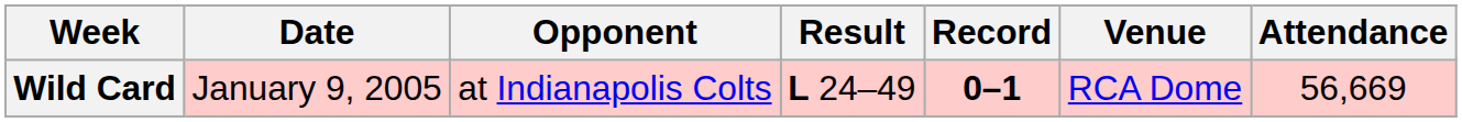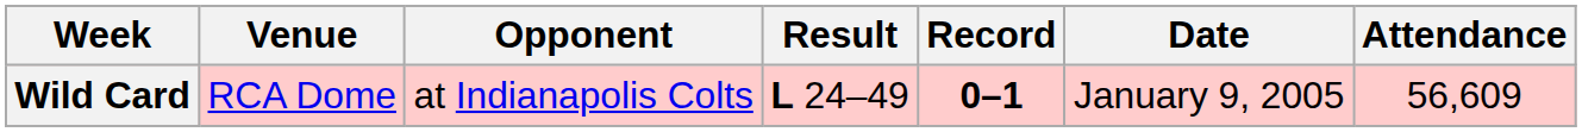 <table class="wikitable" style="text-align:center;">
 <tr>
 <th>Week</th>
-<th>Date</th>
+<th>Venue</th>
 <th>Opponent</th>
 <th>Result</th>
 <th>Record</th>
-<th>Venue</th>
+<th>Date</th>
 <th>Attendance</th>
 </tr>
 <tr style="background:#fcc">
 <th>Wild Card</th>
-<td>January 9, 2005</td>
+<td><a href='#'>RCA Dome</a></td>
 <td>at <a href='#'>Indianapolis Colts</a></td>
 <td><strong>L</strong> 24–49</td>
 <td><strong>0–1</strong></td>
-<td><a href='#'>RCA Dome</a></td>
-<td>56,669</td>
+<td>January 9, 2005</td>
+<td>56,609</td>
 </tr>
 </table>
